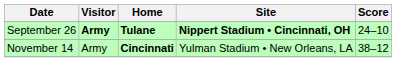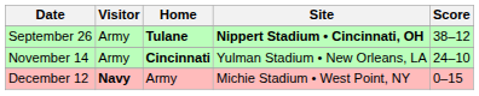 <table class="wikitable">
 <tr>
 <th>Date</th>
 <th>Visitor</th>
 <th>Home</th>
 <th>Site</th>
 <th>Score</th>
 </tr>
 <tr>
 </tr>
 <tr style="background:#bfb">
 <td>September 26</td>
-<td><strong>Army</strong></td>
+<td>Army</td>
 <td><strong>Tulane</strong></td>
 <td><strong>Nippert Stadium • Cincinnati, OH</strong></td>
-<td>24–10</td>
+<td>38–12</td>
 </tr>
 <tr>
 </tr>
 <tr style="background:#bfb">
 <td>November 14</td>
 <td>Army</td>
 <td><strong>Cincinnati</strong></td>
 <td>Yulman Stadium • New Orleans, LA</td>
-<td>38–12</td>
+<td>24–10</td>
 </tr>
 <tr>
 </tr>
+<tr style="background:#fbb">
+<td>December 12</td>
+<td><strong>Navy</strong></td>
+<td>Army</td>
+<td>Michie Stadium • West Point, NY</td>
+<td>0–15</td>
+</tr>
 </table>
